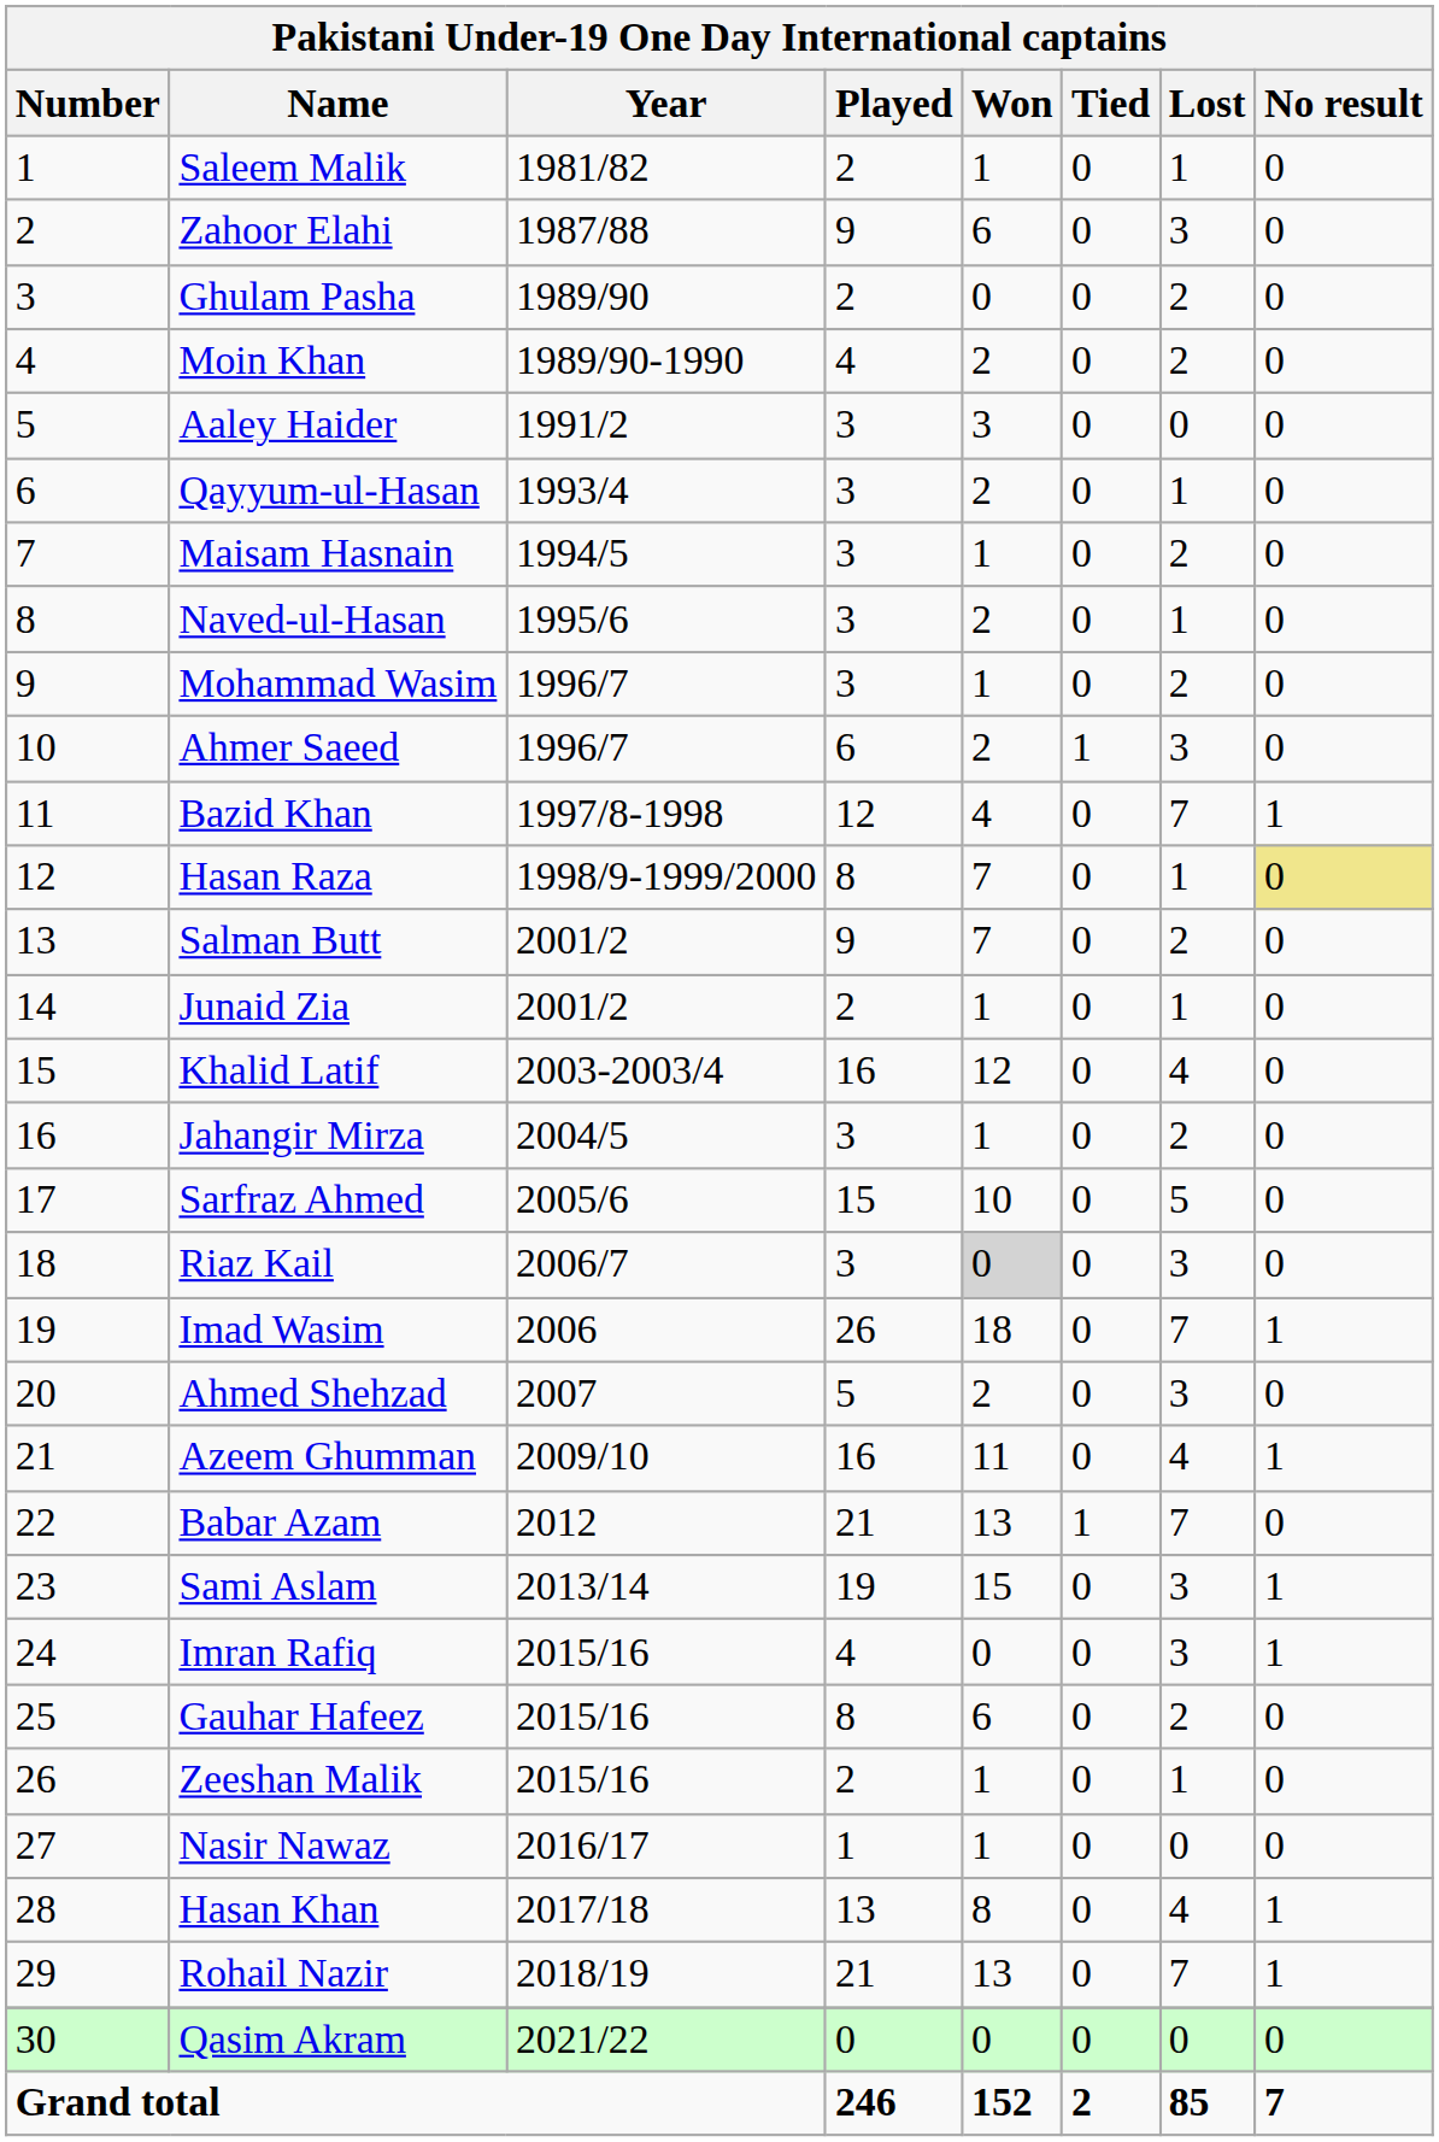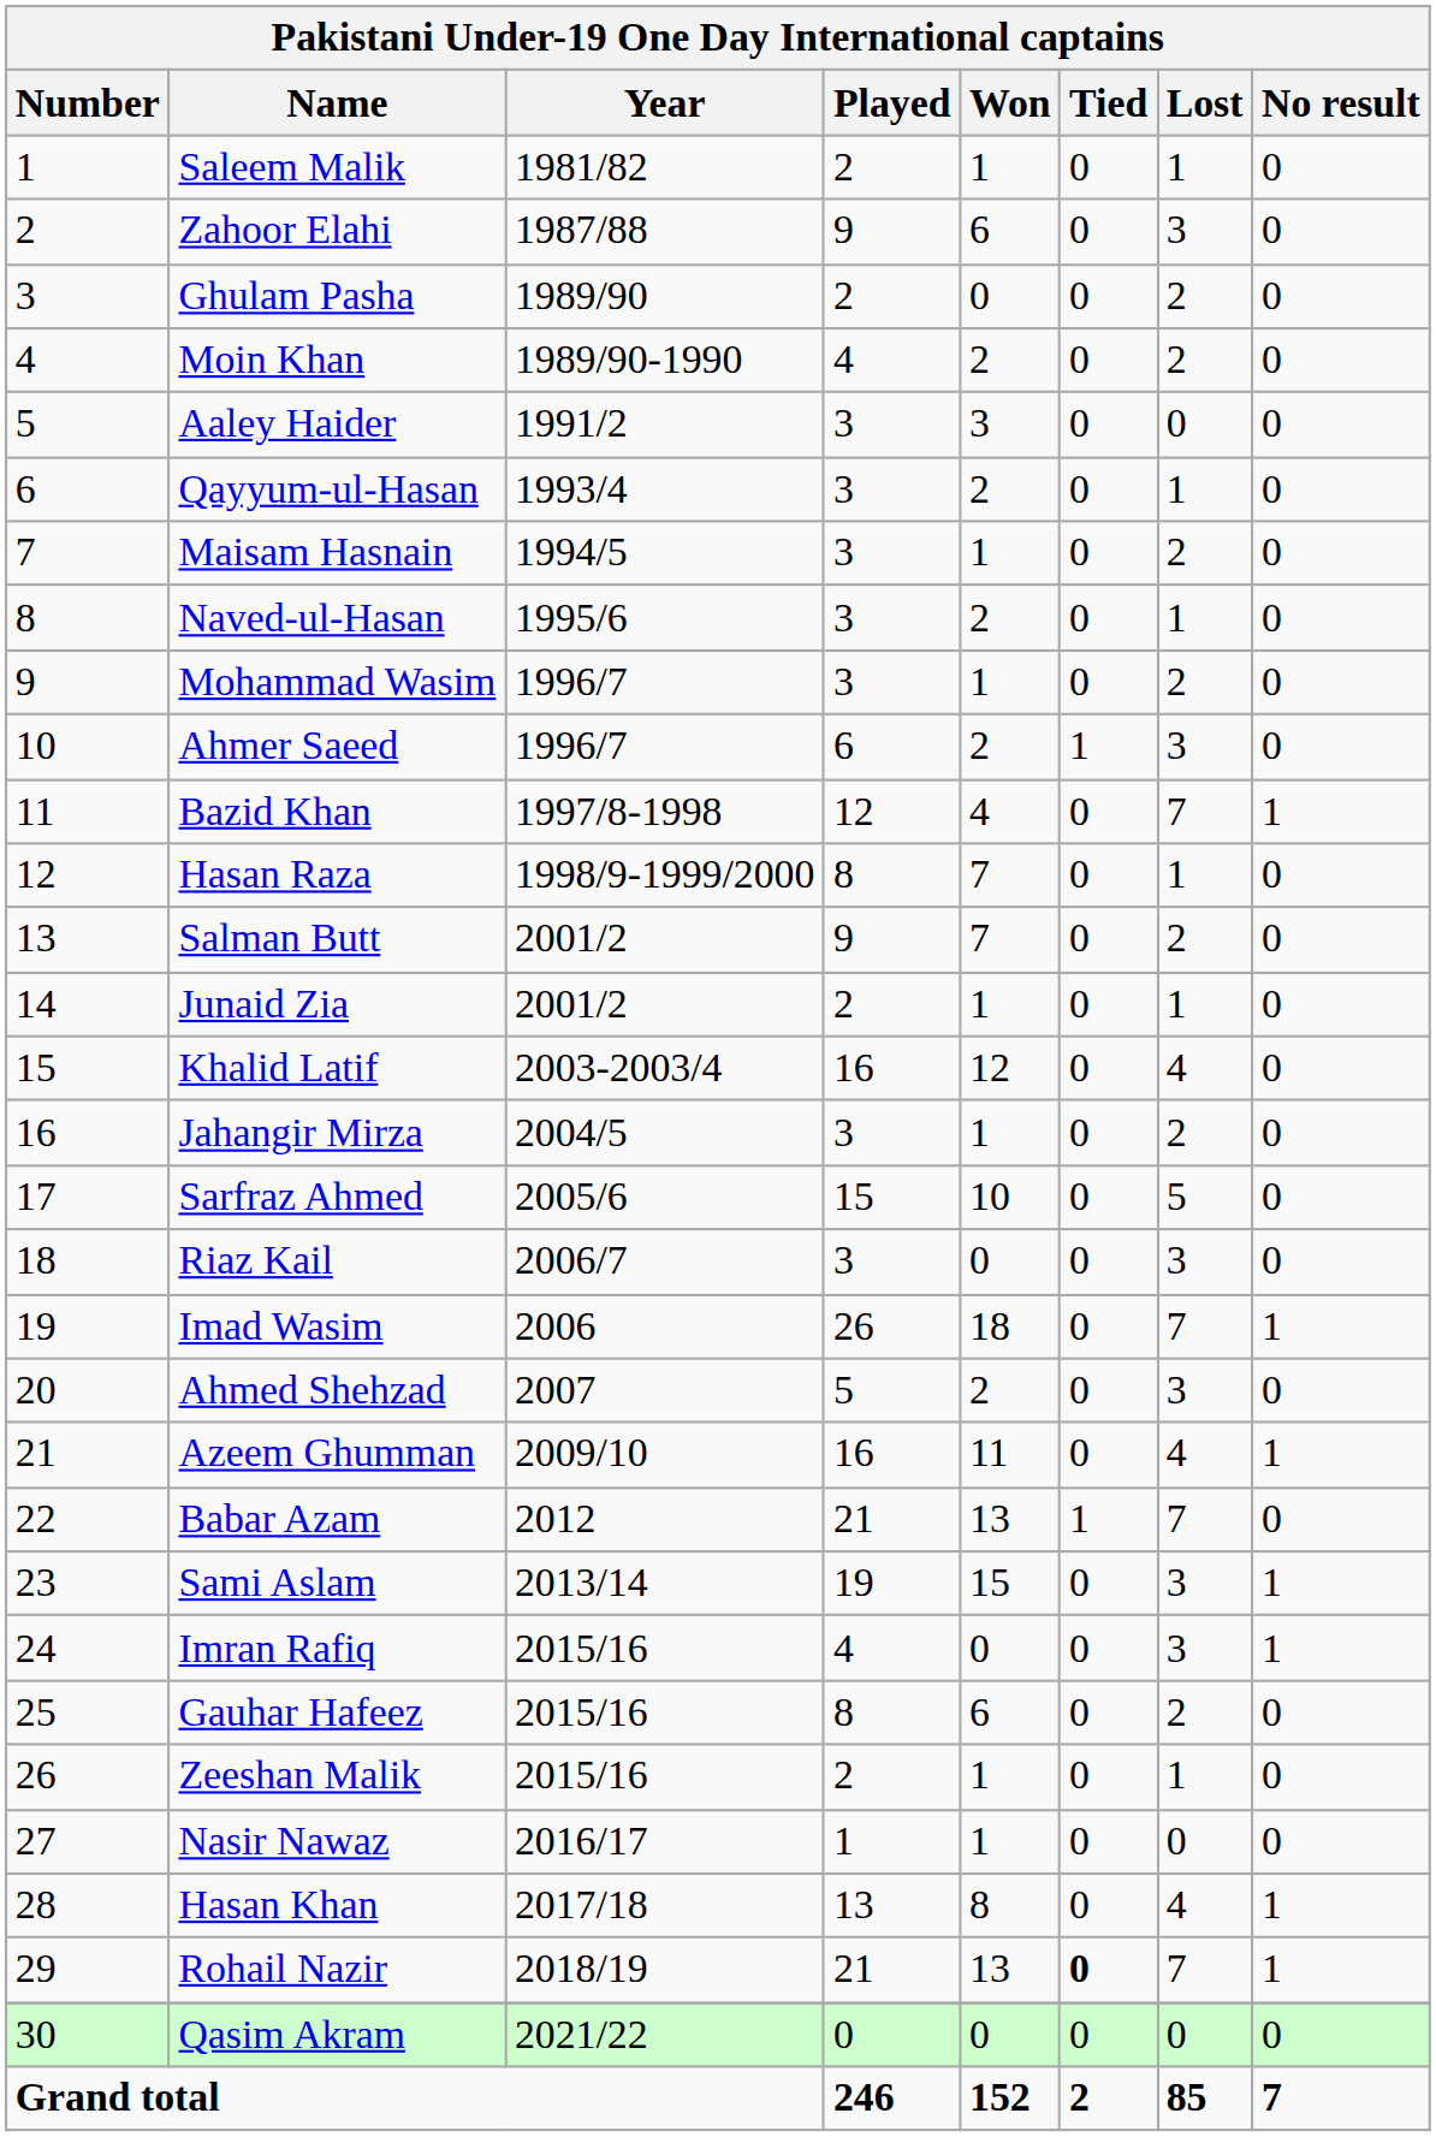 <table class="wikitable">
 <tr>
 <th bgcolor="#efefef" colspan=8>Pakistani Under-19 One Day International captains</th>
 </tr>
 <tr bgcolor="#efefef">
 <th>Number</th>
 <th>Name</th>
 <th>Year</th>
 <th>Played</th>
 <th>Won</th>
 <th>Tied</th>
 <th>Lost</th>
 <th>No result</th>
 </tr>
 <tr>
 <td>1</td>
 <td><a href='#'>Saleem Malik</a></td>
 <td>1981/82</td>
 <td>2</td>
 <td>1</td>
 <td>0</td>
 <td>1</td>
 <td>0</td>
 </tr>
 <tr>
 <td>2</td>
 <td><a href='#'>Zahoor Elahi</a></td>
 <td>1987/88</td>
 <td>9</td>
 <td>6</td>
 <td>0</td>
 <td>3</td>
 <td>0</td>
 </tr>
 <tr>
 <td>3</td>
 <td><a href='#'>Ghulam Pasha</a></td>
 <td>1989/90</td>
 <td>2</td>
 <td>0</td>
 <td>0</td>
 <td>2</td>
 <td>0</td>
 </tr>
 <tr>
 <td>4</td>
 <td><a href='#'>Moin Khan</a></td>
 <td>1989/90-1990</td>
 <td>4</td>
 <td>2</td>
 <td>0</td>
 <td>2</td>
 <td>0</td>
 </tr>
 <tr>
 <td>5</td>
 <td><a href='#'>Aaley Haider</a></td>
 <td>1991/2</td>
 <td>3</td>
 <td>3</td>
 <td>0</td>
 <td>0</td>
 <td>0</td>
 </tr>
 <tr>
 <td>6</td>
 <td><a href='#'>Qayyum-ul-Hasan</a></td>
 <td>1993/4</td>
 <td>3</td>
 <td>2</td>
 <td>0</td>
 <td>1</td>
 <td>0</td>
 </tr>
 <tr>
 <td>7</td>
 <td><a href='#'>Maisam Hasnain</a></td>
 <td>1994/5</td>
 <td>3</td>
 <td>1</td>
 <td>0</td>
 <td>2</td>
 <td>0</td>
 </tr>
 <tr>
 <td>8</td>
 <td><a href='#'>Naved-ul-Hasan</a></td>
 <td>1995/6</td>
 <td>3</td>
 <td>2</td>
 <td>0</td>
 <td>1</td>
 <td>0</td>
 </tr>
 <tr>
 <td>9</td>
 <td><a href='#'>Mohammad Wasim</a></td>
 <td>1996/7</td>
 <td>3</td>
 <td>1</td>
 <td>0</td>
 <td>2</td>
 <td>0</td>
 </tr>
 <tr>
 <td>10</td>
 <td><a href='#'>Ahmer Saeed</a></td>
 <td>1996/7</td>
 <td>6</td>
 <td>2</td>
 <td>1</td>
 <td>3</td>
 <td>0</td>
 </tr>
 <tr>
 <td>11</td>
 <td><a href='#'>Bazid Khan</a></td>
 <td>1997/8-1998</td>
 <td>12</td>
 <td>4</td>
 <td>0</td>
 <td>7</td>
 <td>1</td>
 </tr>
 <tr>
 <td>12</td>
 <td><a href='#'>Hasan Raza</a></td>
 <td>1998/9-1999/2000</td>
 <td>8</td>
 <td>7</td>
 <td>0</td>
 <td>1</td>
-<td style="background: khaki;">0</td>
+<td>0</td>
 </tr>
 <tr>
 <td>13</td>
 <td><a href='#'>Salman Butt</a></td>
 <td>2001/2</td>
 <td>9</td>
 <td>7</td>
 <td>0</td>
 <td>2</td>
 <td>0</td>
 </tr>
 <tr>
 <td>14</td>
 <td><a href='#'>Junaid Zia</a></td>
 <td>2001/2</td>
 <td>2</td>
 <td>1</td>
 <td>0</td>
 <td>1</td>
 <td>0</td>
 </tr>
 <tr>
 <td>15</td>
 <td><a href='#'>Khalid Latif</a></td>
 <td>2003-2003/4</td>
 <td>16</td>
 <td>12</td>
 <td>0</td>
 <td>4</td>
 <td>0</td>
 </tr>
 <tr>
 <td>16</td>
 <td><a href='#'>Jahangir Mirza</a></td>
 <td>2004/5</td>
 <td>3</td>
 <td>1</td>
 <td>0</td>
 <td>2</td>
 <td>0</td>
 </tr>
 <tr>
 <td>17</td>
 <td><a href='#'>Sarfraz Ahmed</a></td>
 <td>2005/6</td>
 <td>15</td>
 <td>10</td>
 <td>0</td>
 <td>5</td>
 <td>0</td>
 </tr>
 <tr>
 <td>18</td>
 <td><a href='#'>Riaz Kail</a></td>
 <td>2006/7</td>
 <td>3</td>
-<td style="background: lightgrey;">0</td>
+<td>0</td>
 <td>0</td>
 <td>3</td>
 <td>0</td>
 </tr>
 <tr>
 <td>19</td>
 <td><a href='#'>Imad Wasim</a></td>
 <td>2006</td>
 <td>26</td>
 <td>18</td>
 <td>0</td>
 <td>7</td>
 <td>1</td>
 </tr>
 <tr>
 <td>20</td>
 <td><a href='#'>Ahmed Shehzad</a></td>
 <td>2007</td>
 <td>5</td>
 <td>2</td>
 <td>0</td>
 <td>3</td>
 <td>0</td>
 </tr>
 <tr>
 <td>21</td>
 <td><a href='#'>Azeem Ghumman</a></td>
 <td>2009/10</td>
 <td>16</td>
 <td>11</td>
 <td>0</td>
 <td>4</td>
 <td>1</td>
 </tr>
 <tr>
 <td>22</td>
 <td><a href='#'>Babar Azam</a></td>
 <td>2012</td>
 <td>21</td>
 <td>13</td>
 <td>1</td>
 <td>7</td>
 <td>0</td>
 </tr>
 <tr>
 <td>23</td>
 <td><a href='#'>Sami Aslam</a></td>
 <td>2013/14</td>
 <td>19</td>
 <td>15</td>
 <td>0</td>
 <td>3</td>
 <td>1</td>
 </tr>
 <tr>
 <td>24</td>
 <td><a href='#'>Imran Rafiq</a></td>
 <td>2015/16</td>
 <td>4</td>
 <td>0</td>
 <td>0</td>
 <td>3</td>
 <td>1</td>
 </tr>
 <tr>
 <td>25</td>
 <td><a href='#'>Gauhar Hafeez</a></td>
 <td>2015/16</td>
 <td>8</td>
 <td>6</td>
 <td>0</td>
 <td>2</td>
 <td>0</td>
 </tr>
 <tr>
 <td>26</td>
 <td><a href='#'>Zeeshan Malik</a></td>
 <td>2015/16</td>
 <td>2</td>
 <td>1</td>
 <td>0</td>
 <td>1</td>
 <td>0</td>
 </tr>
 <tr>
 <td>27</td>
 <td><a href='#'>Nasir Nawaz</a></td>
 <td>2016/17</td>
 <td>1</td>
 <td>1</td>
 <td>0</td>
 <td>0</td>
 <td>0</td>
 </tr>
 <tr>
 <td>28</td>
 <td><a href='#'>Hasan Khan</a></td>
 <td>2017/18</td>
 <td>13</td>
 <td>8</td>
 <td>0</td>
 <td>4</td>
 <td>1</td>
 </tr>
 <tr>
 <td>29</td>
 <td><a href='#'>Rohail Nazir</a></td>
 <td>2018/19</td>
 <td>21</td>
 <td>13</td>
-<td>0</td>
+<td><strong>0</strong></td>
 <td>7</td>
 <td>1</td>
 </tr>
 <tr>
 </tr>
 <tr bgcolor=#cfc>
 <td>30</td>
 <td><a href='#'>Qasim Akram</a></td>
 <td>2021/22</td>
 <td>0</td>
 <td>0</td>
 <td>0</td>
 <td>0</td>
 <td>0</td>
 </tr>
 <tr>
 <td colspan=3><strong>Grand total</strong></td>
 <td><strong>246</strong></td>
 <td><strong>152</strong></td>
 <td><strong>2</strong></td>
 <td><strong>85</strong></td>
 <td><strong>7</strong></td>
 </tr>
 </table>
